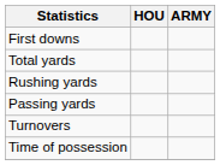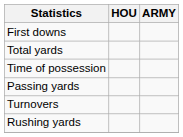 <table class="wikitable">
 <tr>
 <th>Statistics</th>
 <th>HOU</th>
 <th>ARMY</th>
 </tr>
 <tr>
 <td>First downs</td>
 <td></td>
 <td></td>
 </tr>
 <tr>
 <td>Total yards</td>
 <td></td>
 <td></td>
 </tr>
 <tr>
-<td>Rushing yards</td>
+<td>Time of possession</td>
 <td></td>
 <td></td>
 </tr>
 <tr>
 <td>Passing yards</td>
 <td></td>
 <td></td>
 </tr>
 <tr>
 <td>Turnovers</td>
 <td></td>
 <td></td>
 </tr>
 <tr>
-<td>Time of possession</td>
+<td>Rushing yards</td>
 <td></td>
 <td></td>
 </tr>
 <tr>
 </tr>
 </table>
